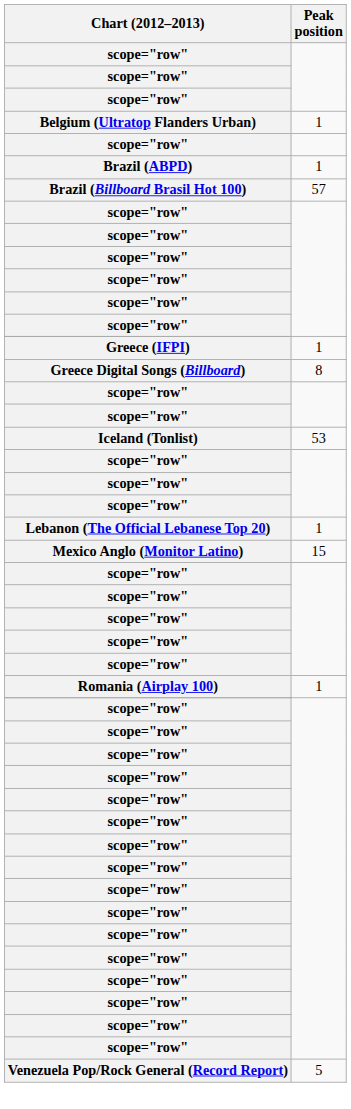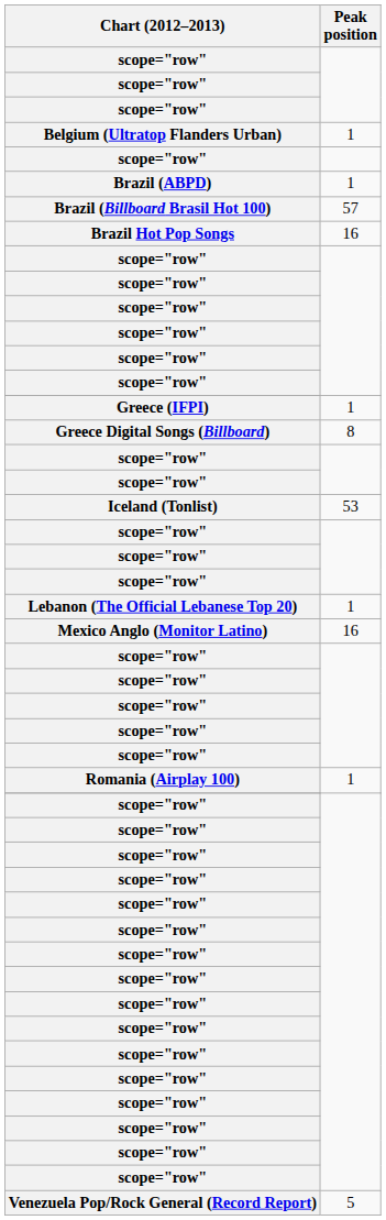 <table class="wikitable sortable plainrowheaders" style="text-align:center;">
 <tr>
 <th scope="col">Chart (2012–2013)</th>
 <th scope="col">Peak<br>position</th>
 </tr>
 <tr>
 <th>scope="row" </th>
 </tr>
 <tr>
 <th>scope="row" </th>
 </tr>
 <tr>
 <th>scope="row" </th>
 </tr>
 <tr>
 <th scope="row">Belgium (<a href='#'>Ultratop</a> Flanders Urban)</th>
 <td>1</td>
 </tr>
 <tr>
 <th>scope="row" </th>
 </tr>
 <tr>
 <th scope=row>Brazil (<a href='#'>ABPD</a>)</th>
 <td style="text-align:center;">1</td>
 </tr>
 <tr>
 <th scope="row">Brazil (<a href='#'><em>Billboard</em> Brasil Hot 100</a>)</th>
 <td>57</td>
+</tr>
+<tr>
+<th scope="row">Brazil <a href='#'>Hot Pop Songs</a></th>
+<td>16</td>
 </tr>
 <tr>
 <th>scope="row" </th>
 </tr>
 <tr>
 <th>scope="row" </th>
 </tr>
 <tr>
 <th>scope="row" </th>
 </tr>
 <tr>
 <th>scope="row" </th>
 </tr>
 <tr>
 <th>scope="row" </th>
 </tr>
 <tr>
 <th>scope="row" </th>
 </tr>
 <tr>
 </tr>
 <tr>
 <th scope=row>Greece (<a href='#'>IFPI</a>)</th>
 <td style="text-align:center;">1</td>
 </tr>
 <tr>
 <th scope="row">Greece Digital Songs (<em><a href='#'>Billboard</a></em>)</th>
 <td>8</td>
 </tr>
 <tr>
 <th>scope="row" </th>
 </tr>
 <tr>
 <th>scope="row" </th>
 </tr>
 <tr>
 <th scope="row">Iceland (Tonlist)</th>
 <td>53</td>
 </tr>
 <tr>
 <th>scope="row" </th>
 </tr>
 <tr>
 <th>scope="row" </th>
 </tr>
 <tr>
 <th>scope="row" </th>
 </tr>
 <tr>
 <th scope="row">Lebanon (<a href='#'>The Official Lebanese Top 20</a>)</th>
 <td>1</td>
 </tr>
 <tr>
 <th scope="row">Mexico Anglo (<a href='#'>Monitor Latino</a>)</th>
-<td>15</td>
+<td>16</td>
 </tr>
 <tr>
 <th>scope="row" </th>
 </tr>
 <tr>
 <th>scope="row" </th>
 </tr>
 <tr>
 <th>scope="row" </th>
 </tr>
 <tr>
 <th>scope="row" </th>
 </tr>
 <tr>
 <th>scope="row" </th>
 </tr>
 <tr>
 <th scope="row">Romania (<a href='#'>Airplay 100</a>)</th>
 <td style="text-align:center;">1</td>
 </tr>
 <tr>
 </tr>
 <tr>
 <th>scope="row" </th>
 </tr>
 <tr>
 <th>scope="row" </th>
 </tr>
 <tr>
 <th>scope="row" </th>
 </tr>
 <tr>
 <th>scope="row" </th>
 </tr>
 <tr>
 <th>scope="row" </th>
 </tr>
 <tr>
 <th>scope="row" </th>
 </tr>
 <tr>
 <th>scope="row" </th>
 </tr>
 <tr>
 <th>scope="row" </th>
 </tr>
 <tr>
 <th>scope="row" </th>
 </tr>
 <tr>
 <th>scope="row" </th>
 </tr>
 <tr>
 <th>scope="row" </th>
 </tr>
 <tr>
 <th>scope="row" </th>
 </tr>
 <tr>
 <th>scope="row" </th>
 </tr>
 <tr>
 <th>scope="row" </th>
 </tr>
 <tr>
 <th>scope="row" </th>
 </tr>
 <tr>
 <th>scope="row" </th>
 </tr>
 <tr>
 <th scope="row">Venezuela Pop/Rock General (<a href='#'>Record Report</a>)</th>
 <td style="text-align:center">5</td>
 </tr>
 </table>
